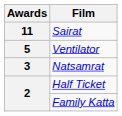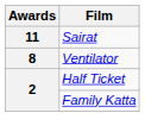 <table class="wikitable" style="display:inline-table;">
 <tr>
 <th>Awards</th>
 <th>Film</th>
 </tr>
 <tr>
 <th scope=row>11</th>
 <td><em><a href='#'>Sairat</a></em></td>
 </tr>
 <tr>
-<th>5</th>
+<th>8</th>
 <td><em><a href='#'>Ventilator</a></em></td>
-</tr>
-<tr>
-<th>3</th>
-<td><em><a href='#'>Natsamrat</a></em></td>
 </tr>
 <tr>
 <th rowspan="2">2</th>
 <td><em><a href='#'>Half Ticket</a></em></td>
 </tr>
 <tr>
 <td><em><a href='#'>Family Katta</a></em></td>
 </tr>
 </table>
